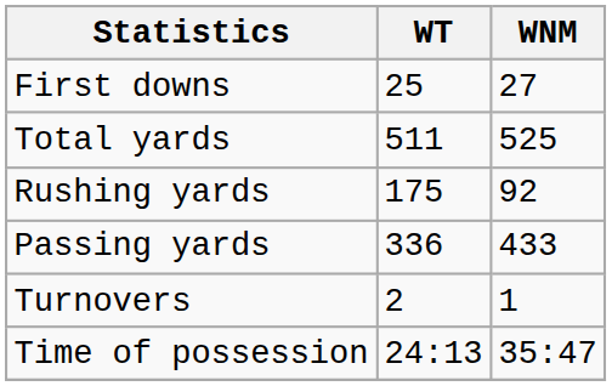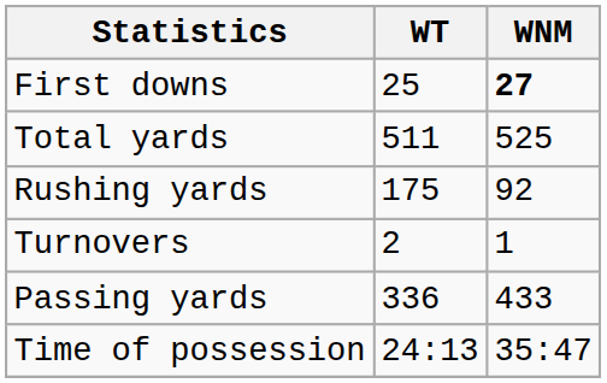 <table class="wikitable">
 <tr>
 <th>Statistics</th>
 <th>WT</th>
 <th>WNM</th>
 </tr>
 <tr>
 <td>First downs</td>
 <td>25</td>
-<td>27</td>
+<td><strong>27</strong></td>
 </tr>
 <tr>
 <td>Total yards</td>
 <td>511</td>
 <td>525</td>
 </tr>
 <tr>
 <td>Rushing yards</td>
 <td>175</td>
 <td>92</td>
 </tr>
 <tr>
+<td>Turnovers</td>
+<td>2</td>
+<td>1</td>
+</tr>
+<tr>
 <td>Passing yards</td>
 <td>336</td>
 <td>433</td>
-</tr>
-<tr>
-<td>Turnovers</td>
-<td>2</td>
-<td>1</td>
 </tr>
 <tr>
 <td>Time of possession</td>
 <td>24:13</td>
 <td>35:47</td>
 </tr>
 <tr>
 </tr>
 </table>
